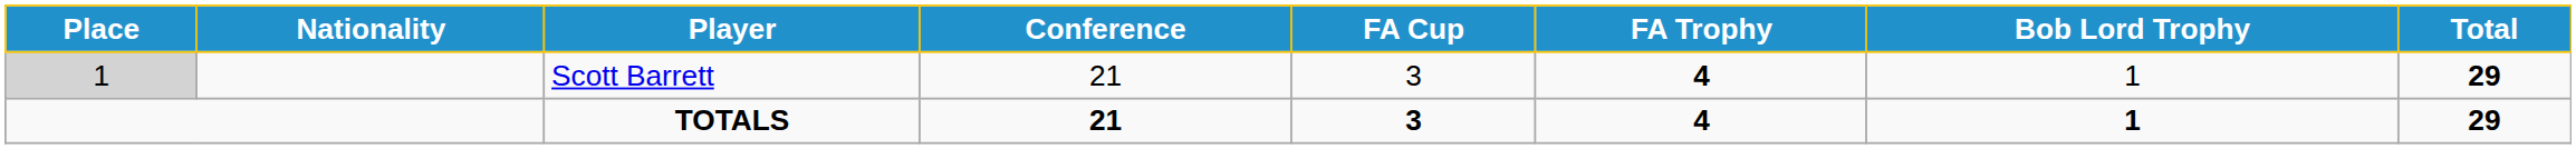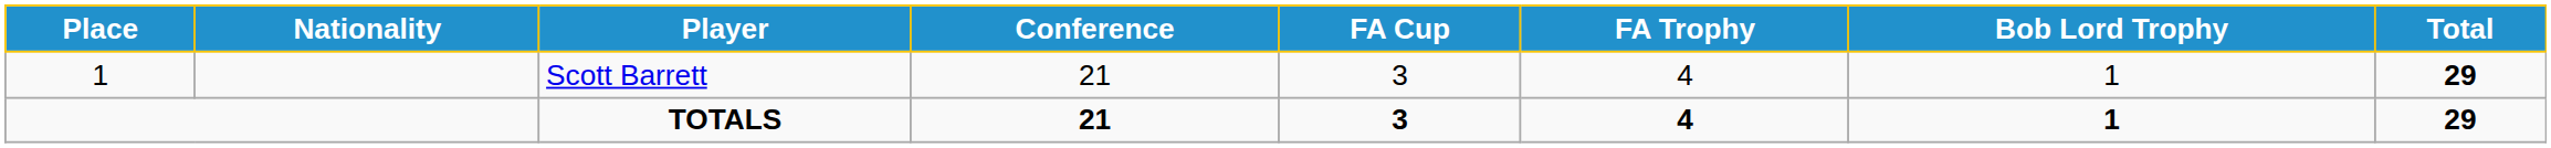 <table class="wikitable" style="text-align:center; font-size:90%; width:100%;">
 <tr>
 <th style="background:#2191CC; color:white; border:1px solid #F7C408; text-align:center;">Place</th>
 <th style="background:#2191CC; color:white; border:1px solid #F7C408; text-align:center;">Nationality</th>
 <th style="background:#2191CC; color:white; border:1px solid #F7C408; text-align:center;">Player</th>
 <th style="background:#2191CC; color:white; border:1px solid #F7C408; text-align:center;">Conference</th>
 <th style="background:#2191CC; color:white; border:1px solid #F7C408; text-align:center;">FA Cup</th>
 <th style="background:#2191CC; color:white; border:1px solid #F7C408; text-align:center;">FA Trophy</th>
 <th style="background:#2191CC; color:white; border:1px solid #F7C408; text-align:center;">Bob Lord Trophy</th>
 <th style="background:#2191CC; color:white; border:1px solid #F7C408; text-align:center;">Total</th>
 </tr>
 <tr>
-<td style="background: lightgrey;">1</td>
+<td>1</td>
 <td></td>
 <td align="left"><a href='#'>Scott Barrett</a></td>
 <td>21</td>
 <td>3</td>
-<td><strong>4</strong></td>
+<td>4</td>
 <td>1</td>
 <td><strong>29</strong></td>
 </tr>
 <tr>
 <td colspan="2"></td>
 <td><strong>TOTALS</strong></td>
 <td><strong>21</strong></td>
 <td><strong>3</strong></td>
 <td><strong>4</strong></td>
 <td><strong>1</strong></td>
 <td><strong>29</strong></td>
 </tr>
 </table>
